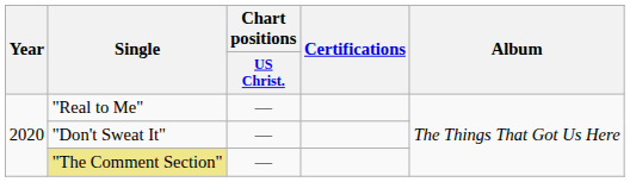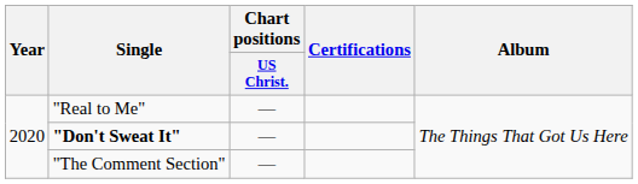 <table class="wikitable" style="text-align:center;">
 <tr>
 <th rowspan="2">Year</th>
 <th rowspan="2">Single</th>
 <th style="width:3em;" colspan="1">Chart positions</th>
 <th scope="col" rowspan="2"><a href='#'>Certifications</a></th>
 <th rowspan="2">Album</th>
 </tr>
 <tr style="font-size:smaller;">
 <th style="width:45px;"><a href='#'>US<br>Christ.</a><br></th>
 </tr>
 <tr>
 <td rowspan="3" style="text-align:left;">2020</td>
 <td align="left">"Real to Me"</td>
 <td>—</td>
 <td></td>
 <td rowspan="3"><em>The Things That Got Us Here</em></td>
 </tr>
 <tr>
-<td align="left">"Don't Sweat It"</td>
+<td align="left"><strong>"Don't Sweat It"</strong></td>
 <td>—</td>
 <td></td>
 </tr>
 <tr>
-<td align="left" style="background: khaki;">"The Comment Section"</td>
+<td align="left">"The Comment Section"</td>
 <td>—</td>
 <td></td>
 </tr>
 </table>
